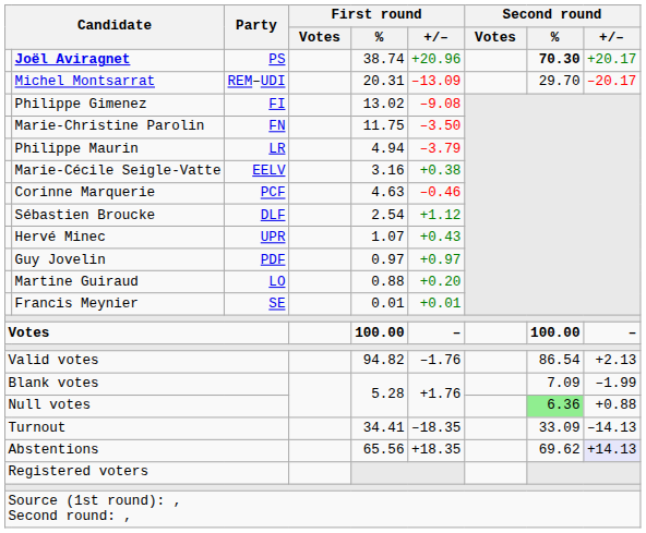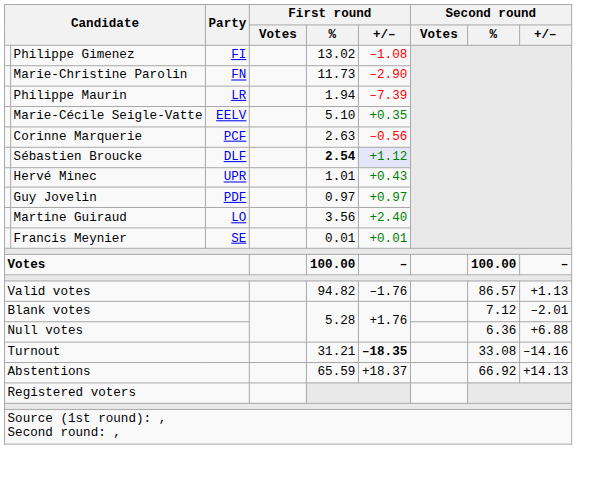 <table class="wikitable" style="text-align:right;font-size:95%;">
 <tr>
 <th rowspan="2" colspan="2">Candidate</th>
 <th rowspan="2">Party</th>
 <th colspan="3">First round</th>
 <th colspan="3">Second round</th>
 </tr>
 <tr>
 <th style="width:50px;">Votes</th>
 <th style="width:45px;">%</th>
 <th style="width:45px;">+/–</th>
 <th style="width:50px;">Votes</th>
 <th style="width:45px;">%</th>
 <th style="width:45px;">+/–</th>
 </tr>
 <tr>
 <td style="color:inherit;background:"></td>
-<td style="text-align:left;"><strong><a href='#'>Joël Aviragnet</a></strong></td>
-<td><a href='#'>PS</a></td>
-<td></td>
-<td>38.74</td>
-<td style="color:green;">+20.96</td>
-<td><strong></strong></td>
-<td><strong>70.30</strong></td>
-<td style="color:green;">+20.17</td>
-</tr>
-<tr>
-<td style="color:inherit;background:"></td>
-<td style="text-align:left;"><a href='#'>Michel Montsarrat</a></td>
-<td><a href='#'>REM</a>–<a href='#'>UDI</a></td>
-<td></td>
-<td>20.31</td>
-<td style="color:red;">–13.09</td>
-<td></td>
-<td>29.70</td>
-<td style="color:red;">–20.17</td>
-</tr>
-<tr>
-<td style="color:inherit;background:"></td>
 <td style="text-align:left;">Philippe Gimenez</td>
 <td><a href='#'>FI</a></td>
 <td></td>
 <td>13.02</td>
-<td style="color:red;">–9.08</td>
+<td style="color:red;">–1.08</td>
 <td colspan="3" rowspan="10" style="background:#E9E9E9;"></td>
 </tr>
 <tr>
 <td style="color:inherit;background:"></td>
 <td style="text-align:left;">Marie-Christine Parolin</td>
 <td><a href='#'>FN</a></td>
 <td></td>
-<td>11.75</td>
-<td style="color:red;">–3.50</td>
+<td>11.73</td>
+<td style="color:red;">–2.90</td>
 </tr>
 <tr>
 <td style="color:inherit;background:"></td>
 <td style="text-align:left;">Philippe Maurin</td>
 <td><a href='#'>LR</a></td>
 <td></td>
-<td>4.94</td>
-<td style="color:red;">–3.79</td>
+<td>1.94</td>
+<td style="color:red;">–7.39</td>
 </tr>
 <tr>
 <td style="color:inherit;background:"></td>
 <td style="text-align:left;">Marie-Cécile Seigle-Vatte</td>
 <td><a href='#'>EELV</a></td>
 <td></td>
-<td>3.16</td>
-<td style="color:green;">+0.38</td>
+<td>5.10</td>
+<td style="color:green;">+0.35</td>
 </tr>
 <tr>
 <td style="color:inherit;background:"></td>
 <td style="text-align:left;">Corinne Marquerie</td>
 <td><a href='#'>PCF</a></td>
 <td></td>
-<td>4.63</td>
-<td style="color:red;">–0.46</td>
+<td>2.63</td>
+<td style="color:red;">–0.56</td>
 </tr>
 <tr>
 <td style="color:inherit;background:"></td>
 <td style="text-align:left;">Sébastien Broucke</td>
 <td><a href='#'>DLF</a></td>
 <td></td>
-<td>2.54</td>
-<td style="color:green;">+1.12</td>
+<td><strong>2.54</strong></td>
+<td style="background: lavender; color:green;">+1.12</td>
 </tr>
 <tr>
 <td style="color:inherit;background:"></td>
 <td style="text-align:left;">Hervé Minec</td>
 <td><a href='#'>UPR</a></td>
 <td></td>
-<td>1.07</td>
+<td>1.01</td>
 <td style="color:green;">+0.43</td>
 </tr>
 <tr>
 <td style="color:inherit;background:"></td>
 <td style="text-align:left;">Guy Jovelin</td>
 <td><a href='#'>PDF</a></td>
 <td></td>
 <td>0.97</td>
 <td style="color:green;">+0.97</td>
 </tr>
 <tr>
 <td style="color:inherit;background:"></td>
 <td style="text-align:left;">Martine Guiraud</td>
 <td><a href='#'>LO</a></td>
 <td></td>
-<td>0.88</td>
-<td style="color:green;">+0.20</td>
+<td>3.56</td>
+<td style="color:green;">+2.40</td>
 </tr>
 <tr>
 <td style="color:inherit;background:"></td>
 <td style="text-align:left;">Francis Meynier</td>
 <td><a href='#'>SE</a></td>
 <td></td>
 <td>0.01</td>
 <td style="color:green;">+0.01</td>
 </tr>
 <tr>
 <td colspan="9" style="background:#E9E9E9;"></td>
 </tr>
 <tr style="font-weight:bold;">
 <td colspan="3" style="text-align:left;">Votes</td>
 <td></td>
 <td>100.00</td>
 <td>–</td>
 <td></td>
 <td>100.00</td>
 <td>–</td>
 </tr>
 <tr>
 <td colspan="9" style="background:#E9E9E9;"></td>
 </tr>
 <tr>
 <td colspan="3" style="text-align:left;">Valid votes</td>
 <td></td>
 <td>94.82</td>
 <td>–1.76</td>
 <td></td>
-<td>86.54</td>
-<td>+2.13</td>
+<td>86.57</td>
+<td>+1.13</td>
 </tr>
 <tr>
 <td colspan="3" style="text-align:left;">Blank votes</td>
 <td rowspan="2"></td>
 <td rowspan="2">5.28</td>
 <td rowspan="2">+1.76</td>
 <td></td>
-<td>7.09</td>
-<td>–1.99</td>
+<td>7.12</td>
+<td>–2.01</td>
 </tr>
 <tr>
 <td colspan="3" style="text-align:left;">Null votes</td>
 <td></td>
-<td style="background: lightgreen;">6.36</td>
-<td>+0.88</td>
+<td>6.36</td>
+<td>+6.88</td>
 </tr>
 <tr>
 <td colspan="3" style="text-align:left;">Turnout</td>
 <td></td>
-<td>34.41</td>
-<td>–18.35</td>
+<td>31.21</td>
+<td><strong>–18.35</strong></td>
 <td></td>
-<td>33.09</td>
-<td>–14.13</td>
+<td>33.08</td>
+<td>–14.16</td>
 </tr>
 <tr>
 <td colspan="3" style="text-align:left;">Abstentions</td>
 <td></td>
-<td>65.56</td>
-<td>+18.35</td>
+<td>65.59</td>
+<td>+18.37</td>
 <td></td>
-<td>69.62</td>
-<td style="background: lavender;">+14.13</td>
+<td>66.92</td>
+<td>+14.13</td>
 </tr>
 <tr>
 <td colspan="3" style="text-align:left;">Registered voters</td>
 <td></td>
 <td colspan="2" style="background:#E9E9E9;"></td>
 <td></td>
 <td colspan="2" style="background:#E9E9E9;"></td>
 </tr>
 <tr>
 <td colspan="9" style="background:#E9E9E9;"></td>
 </tr>
 <tr>
 <td colspan="9" style="text-align:left;">Source (1st round):  , <br>Second round:  , </td>
 </tr>
 </table>
